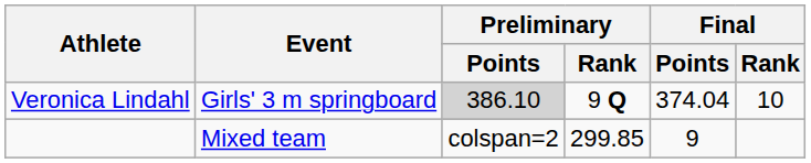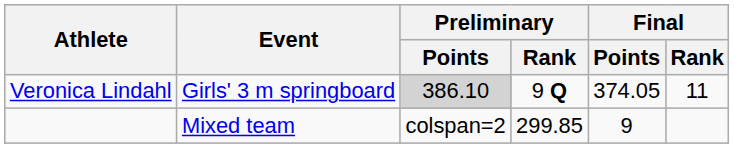 <table class="wikitable" style="font-size:90%;">
 <tr>
 <th rowspan=2>Athlete</th>
 <th rowspan=2>Event</th>
 <th colspan=2>Preliminary</th>
 <th colspan=2>Final</th>
 </tr>
 <tr>
 <th>Points</th>
 <th>Rank</th>
 <th>Points</th>
 <th>Rank</th>
 </tr>
 <tr align=center>
 <td align=left><a href='#'>Veronica Lindahl</a></td>
 <td align=left><a href='#'>Girls' 3 m springboard</a></td>
 <td style="background: lightgrey;">386.10</td>
 <td>9 <strong>Q</strong></td>
-<td>374.04</td>
-<td>10</td>
+<td>374.05</td>
+<td>11</td>
 </tr>
 <tr align=center>
 <td align=left><br></td>
 <td align=left><a href='#'>Mixed team</a></td>
 <td>colspan=2 </td>
 <td>299.85</td>
 <td>9</td>
 </tr>
 </table>
